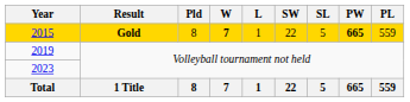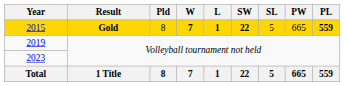 <table class="wikitable" style="text-align: center;font-size:90%;">
 <tr>
 <th width=90>Year</th>
 <th width=120>Result</th>
 <th width=35>Pld</th>
 <th width=35>W</th>
 <th width=35>L</th>
 <th width=35>SW</th>
 <th width=35>SL</th>
 <th width=35>PW</th>
 <th width=35>PL</th>
 </tr>
 <tr bgcolor=gold>
 <td> <a href='#'>2015</a></td>
 <td><strong>Gold</strong></td>
 <td>8</td>
 <td><strong>7</strong></td>
-<td>1</td>
-<td>22</td>
+<td><strong>1</strong></td>
+<td><strong>22</strong></td>
 <td>5</td>
-<td><strong>665</strong></td>
-<td>559</td>
+<td>665</td>
+<td><strong>559</strong></td>
 </tr>
 <tr>
 <td> <a href='#'>2019</a></td>
 <td colspan="8" rowspan=2><em>Volleyball tournament not held</em></td>
 </tr>
 <tr>
 <td> <a href='#'>2023</a></td>
 </tr>
 <tr>
 <th>Total</th>
 <th>1 Title</th>
 <th>8</th>
 <th>7</th>
 <th>1</th>
 <th>22</th>
 <th>5</th>
 <th>665</th>
 <th>559</th>
 </tr>
 </table>
